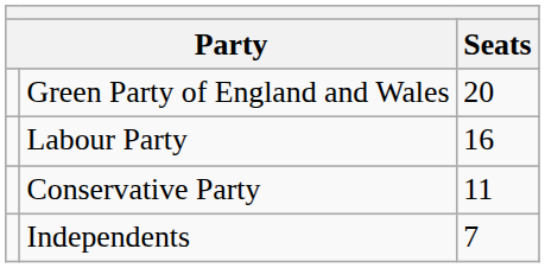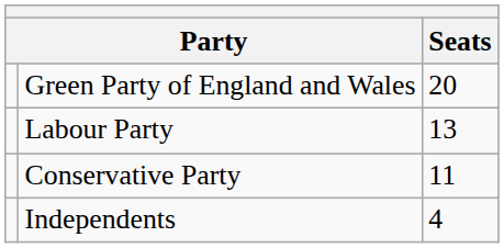 <table class="wikitable">
 <tr>
 <th colspan="3"></th>
 </tr>
 <tr>
 <th colspan="2">Party</th>
 <th>Seats</th>
 </tr>
 <tr>
 <td style="color:inherit;background:"></td>
 <td>Green Party of England and Wales</td>
 <td>20</td>
 </tr>
 <tr>
 <td style="color:inherit;background:"></td>
 <td>Labour Party</td>
-<td>16</td>
+<td>13</td>
 </tr>
 <tr>
 <td style="color:inherit;background:"></td>
 <td>Conservative Party</td>
 <td>11</td>
 </tr>
 <tr>
 <td style="color:inherit;background:"></td>
 <td>Independents</td>
-<td>7</td>
+<td>4</td>
 </tr>
 </table>
